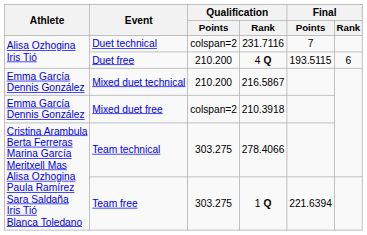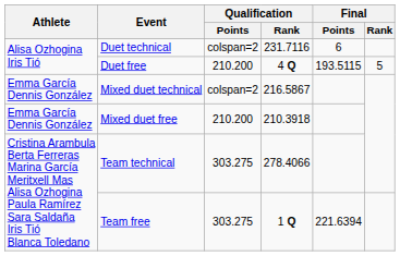 <table class="wikitable" style="font-size:90%">
 <tr>
 <th rowspan=2>Athlete</th>
 <th rowspan=2>Event</th>
 <th colspan=2>Qualification</th>
 <th colspan=2>Final</th>
 </tr>
 <tr style="font-size:95%">
 <th>Points</th>
 <th>Rank</th>
 <th>Points</th>
 <th>Rank</th>
 </tr>
 <tr align=center>
 <td align=left rowspan="2"><a href='#'>Alisa Ozhogina</a><br><a href='#'>Iris Tió</a></td>
 <td align=left><a href='#'>Duet technical</a></td>
 <td>colspan=2 </td>
 <td>231.7116</td>
-<td>7</td>
+<td>6</td>
 </tr>
 <tr align=center>
 <td align=left><a href='#'>Duet free</a></td>
 <td>210.200</td>
 <td>4 <strong>Q</strong></td>
 <td>193.5115</td>
-<td>6</td>
+<td>5</td>
 </tr>
 <tr align=center>
 <td align=left><a href='#'>Emma García</a><br><a href='#'>Dennis González</a></td>
 <td align=left><a href='#'>Mixed duet technical</a></td>
-<td>210.200</td>
+<td>colspan=2 </td>
 <td>216.5867</td>
 <td></td>
 </tr>
 <tr align=center>
 <td align=left><a href='#'>Emma García</a><br><a href='#'>Dennis González</a></td>
 <td align=left><a href='#'>Mixed duet free</a></td>
-<td>colspan=2 </td>
+<td>210.200</td>
 <td>210.3918</td>
 <td></td>
 </tr>
 <tr align=center>
 <td align=left rowspan="2"><a href='#'>Cristina Arambula</a><br><a href='#'>Berta Ferreras</a><br><a href='#'>Marina García</a><br><a href='#'>Meritxell Mas</a><br><a href='#'>Alisa Ozhogina</a><br><a href='#'>Paula Ramírez</a><br><a href='#'>Sara Saldaña</a><br><a href='#'>Iris Tió</a><br><a href='#'>Blanca Toledano</a></td>
 <td align=left><a href='#'>Team technical</a></td>
 <td>303.275</td>
 <td>278.4066</td>
 <td></td>
 </tr>
 <tr align=center>
 <td align=left><a href='#'>Team free</a></td>
 <td>303.275</td>
 <td>1 <strong>Q</strong></td>
 <td>221.6394</td>
 <td></td>
 </tr>
 </table>
